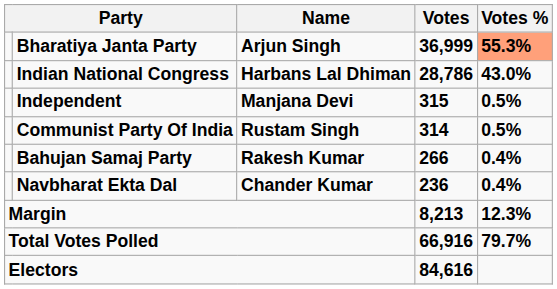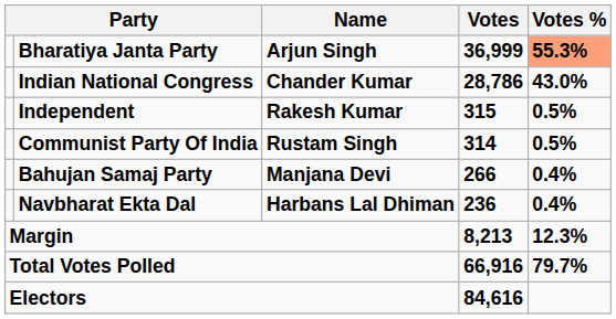 <table class="wikitable sortable">
 <tr>
 <th colspan="2" rowspan="1"><strong>Party</strong></th>
 <th colspan="1" rowspan="1"><strong>Name</strong></th>
 <th colspan="1" rowspan="1"><strong>Votes</strong></th>
 <th colspan="1" rowspan="1"><strong>Votes %</strong></th>
 </tr>
 <tr>
 <td></td>
 <td><strong>Bharatiya Janta Party</strong></td>
 <td><strong>Arjun Singh</strong></td>
 <td><strong>36,999</strong></td>
 <td style="background: lightsalmon;"><strong>55.3%</strong></td>
 </tr>
 <tr>
 <td></td>
 <td><strong>Indian National Congress</strong></td>
-<td><strong>Harbans Lal Dhiman</strong></td>
+<td><strong>Chander Kumar</strong></td>
 <td><strong>28,786</strong></td>
 <td><strong>43.0%</strong></td>
 </tr>
 <tr>
 <td></td>
 <td><strong>Independent</strong></td>
-<td><strong>Manjana Devi</strong></td>
+<td><strong>Rakesh Kumar</strong></td>
 <td><strong>315</strong></td>
 <td><strong>0.5%</strong></td>
 </tr>
 <tr>
 <td></td>
 <td><strong>Communist Party Of India</strong></td>
 <td><strong>Rustam Singh</strong></td>
 <td><strong>314</strong></td>
 <td><strong>0.5%</strong></td>
 </tr>
 <tr>
 <td></td>
 <td><strong>Bahujan Samaj Party</strong></td>
-<td><strong>Rakesh Kumar</strong></td>
+<td><strong>Manjana Devi</strong></td>
 <td><strong>266</strong></td>
 <td><strong>0.4%</strong></td>
 </tr>
 <tr>
 <td></td>
 <td><strong>Navbharat Ekta Dal</strong></td>
-<td><strong>Chander Kumar</strong></td>
+<td><strong>Harbans Lal Dhiman</strong></td>
 <td><strong>236</strong></td>
 <td><strong>0.4%</strong></td>
 </tr>
 <tr>
 <td colspan="3"><strong>Margin</strong></td>
 <td><strong>8,213</strong></td>
 <td><strong>12.3%</strong></td>
 </tr>
 <tr>
 <td colspan="3"><strong>Total Votes Polled</strong></td>
 <td><strong>66,916</strong></td>
 <td><strong>79.7%</strong></td>
 </tr>
 <tr>
 <td colspan="3"><strong>Electors</strong></td>
 <td><strong>84,616</strong></td>
 <td></td>
 </tr>
 </table>
